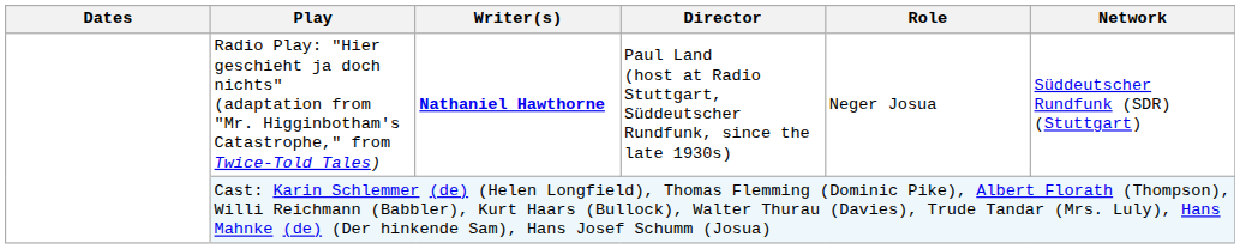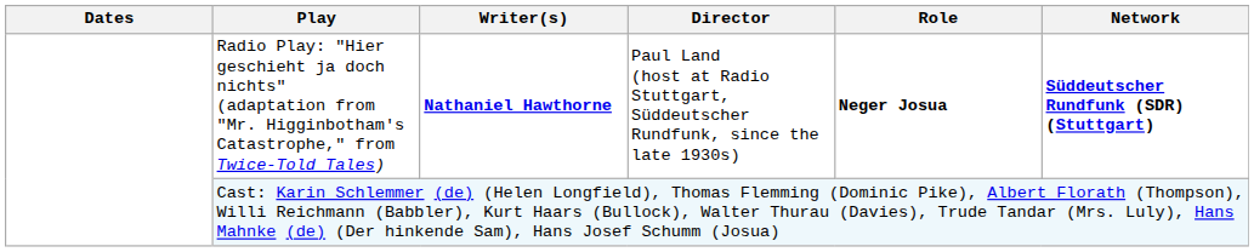 <table class="wikitable" style="color: black; background-color: #FFFFFF; font-size: 90%; width:100%">
 <tr>
 <th>Dates</th>
 <th>Play</th>
 <th>Writer(s)</th>
 <th>Director</th>
 <th>Role</th>
 <th>Network</th>
 </tr>
 <tr valign="center">
 <td width="16.67%;" style="border-style: solid; border-width: 1px 1px 0px 1px;" data-sort-value="1939 05 25"></td>
 <td width="16.67%">Radio Play: "Hier geschieht ja doch nichts"<br>(adaptation from "Mr. Higginbotham's Catastrophe," from <em><a href='#'>Twice-Told Tales</a>)</em></td>
 <td width="16.67%"><strong><a href='#'>Nathaniel Hawthorne</a></strong></td>
 <td width="16.67%">Paul Land<br>(host at Radio Stuttgart, Süddeutscher Rundfunk, since the late 1930s)</td>
-<td width="16.67%">Neger Josua</td>
-<td width="16.67%"><a href='#'>Süddeutscher Rundfunk</a> (SDR)<br>(<a href='#'>Stuttgart</a>)</td>
+<td width="16.67%"><strong>Neger Josua</strong></td>
+<td width="16.67%"><strong><a href='#'>Süddeutscher Rundfunk</a> (SDR)<br>(<a href='#'>Stuttgart</a>)</strong></td>
 </tr>
 <tr valign="bottom;" style="text-align:left">
 <td width="16.67%;" style="border-style: solid; border-width: 0px 1px 0px 1px;"></td>
 <td colspan=5 style="background:#EEF8FC; border-style: solid; border-width: 0px 1px 0px 1px;">Cast: <a href='#'>Karin Schlemmer</a> <a href='#'>(de)</a> (Helen Longfield), Thomas Flemming (Dominic Pike), <a href='#'>Albert Florath</a> (Thompson), Willi Reichmann (Babbler), Kurt Haars (Bullock), Walter Thurau (Davies), Trude Tandar (Mrs. Luly), <a href='#'>Hans Mahnke</a> <a href='#'>(de)</a> (Der hinkende Sam), Hans Josef Schumm (Josua)</td>
 </tr>
 </table>
